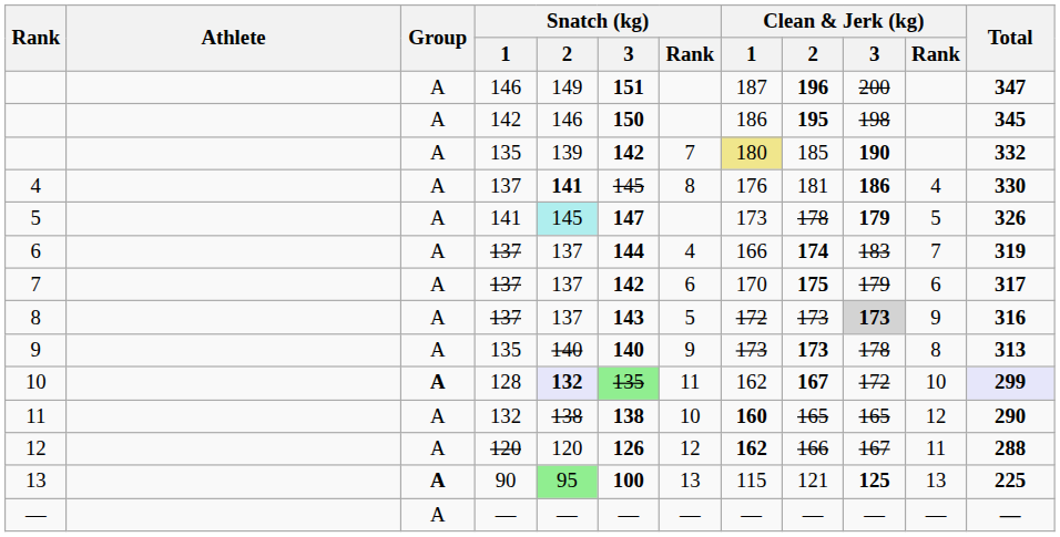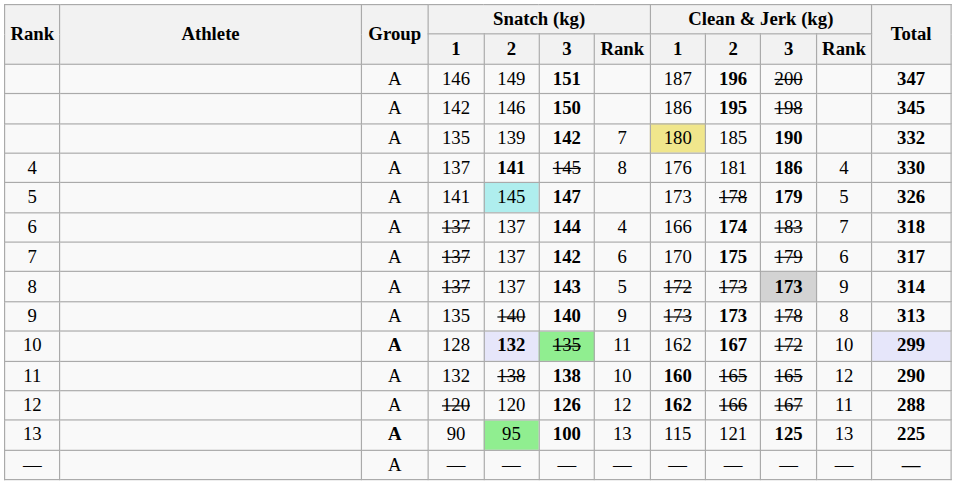 <table class = "wikitable" style="text-align:center;">
 <tr>
 <th rowspan=2 width=40>Rank</th>
 <th rowspan=2 width=250>Athlete</th>
 <th rowspan=2 width=50>Group</th>
 <th colspan=4>Snatch (kg)</th>
 <th colspan=4>Clean & Jerk (kg)</th>
 <th rowspan=2 width=60>Total</th>
 </tr>
 <tr>
 <th width=40>1</th>
 <th width=40>2</th>
 <th width=40>3</th>
 <th width=40>Rank</th>
 <th width=40>1</th>
 <th width=40>2</th>
 <th width=40>3</th>
 <th width=40>Rank</th>
 </tr>
 <tr>
 <td></td>
 <td align=left></td>
 <td>A</td>
 <td>146</td>
 <td>149</td>
 <td><strong>151</strong></td>
 <td></td>
 <td>187</td>
 <td><strong>196</strong></td>
 <td><s>200</s></td>
 <td></td>
 <td><strong>347</strong></td>
 </tr>
 <tr>
 <td></td>
 <td align=left></td>
 <td>A</td>
 <td>142</td>
 <td>146</td>
 <td><strong>150</strong></td>
 <td></td>
 <td>186</td>
 <td><strong>195</strong></td>
 <td><s>198</s></td>
 <td></td>
 <td><strong>345</strong></td>
 </tr>
 <tr>
 <td></td>
 <td align=left></td>
 <td>A</td>
 <td>135</td>
 <td>139</td>
 <td><strong>142</strong></td>
 <td>7</td>
 <td style="background: khaki;">180</td>
 <td>185</td>
 <td><strong>190</strong></td>
 <td></td>
 <td><strong>332</strong></td>
 </tr>
 <tr>
 <td>4</td>
 <td align=left></td>
 <td>A</td>
 <td>137</td>
 <td><strong>141</strong></td>
 <td><s>145</s></td>
 <td>8</td>
 <td>176</td>
 <td>181</td>
 <td><strong>186</strong></td>
 <td>4</td>
 <td><strong>330</strong></td>
 </tr>
 <tr>
 <td>5</td>
 <td align=left></td>
 <td>A</td>
 <td>141</td>
 <td style="background: paleturquoise;">145</td>
 <td><strong>147</strong></td>
 <td></td>
 <td>173</td>
 <td><s>178</s></td>
 <td><strong>179</strong></td>
 <td>5</td>
 <td><strong>326</strong></td>
 </tr>
 <tr>
 <td>6</td>
 <td align=left></td>
 <td>A</td>
 <td><s>137</s></td>
 <td>137</td>
 <td><strong>144</strong></td>
 <td>4</td>
 <td>166</td>
 <td><strong>174</strong></td>
 <td><s>183</s></td>
 <td>7</td>
-<td><strong>319</strong></td>
+<td><strong>318</strong></td>
 </tr>
 <tr>
 <td>7</td>
 <td align=left></td>
 <td>A</td>
 <td><s>137</s></td>
 <td>137</td>
 <td><strong>142</strong></td>
 <td>6</td>
 <td>170</td>
 <td><strong>175</strong></td>
 <td><s>179</s></td>
 <td>6</td>
 <td><strong>317</strong></td>
 </tr>
 <tr>
 <td>8</td>
 <td align=left></td>
 <td>A</td>
 <td><s>137</s></td>
 <td>137</td>
 <td><strong>143</strong></td>
 <td>5</td>
 <td><s>172</s></td>
 <td><s>173</s></td>
 <td style="background: lightgrey;"><strong>173</strong></td>
 <td>9</td>
-<td><strong>316</strong></td>
+<td><strong>314</strong></td>
 </tr>
 <tr>
 <td>9</td>
 <td align=left></td>
 <td>A</td>
 <td>135</td>
 <td><s>140</s></td>
 <td><strong>140</strong></td>
 <td>9</td>
 <td><s>173</s></td>
 <td><strong>173</strong></td>
 <td><s>178</s></td>
 <td>8</td>
 <td><strong>313</strong></td>
 </tr>
 <tr>
 <td>10</td>
 <td align=left></td>
 <td><strong>A</strong></td>
 <td>128</td>
 <td style="background: lavender;"><strong>132</strong></td>
 <td style="background: lightgreen;"><s>135</s></td>
 <td>11</td>
 <td>162</td>
 <td><strong>167</strong></td>
 <td><s>172</s></td>
 <td>10</td>
 <td style="background: lavender;"><strong>299</strong></td>
 </tr>
 <tr>
 <td>11</td>
 <td align=left></td>
 <td>A</td>
 <td>132</td>
 <td><s>138</s></td>
 <td><strong>138</strong></td>
 <td>10</td>
 <td><strong>160</strong></td>
 <td><s>165</s></td>
 <td><s>165</s></td>
 <td>12</td>
 <td><strong>290</strong></td>
 </tr>
 <tr>
 <td>12</td>
 <td align=left></td>
 <td>A</td>
 <td><s>120</s></td>
 <td>120</td>
 <td><strong>126</strong></td>
 <td>12</td>
 <td><strong>162</strong></td>
 <td><s>166</s></td>
 <td><s>167</s></td>
 <td>11</td>
 <td><strong>288</strong></td>
 </tr>
 <tr>
 <td>13</td>
 <td align=left></td>
 <td><strong>A</strong></td>
 <td>90</td>
 <td style="background: lightgreen;">95</td>
 <td><strong>100</strong></td>
 <td>13</td>
 <td>115</td>
 <td>121</td>
 <td><strong>125</strong></td>
 <td>13</td>
 <td><strong>225</strong></td>
 </tr>
 <tr>
 <td>—</td>
 <td align=left></td>
 <td>A</td>
 <td>—</td>
 <td>—</td>
 <td>—</td>
 <td>—</td>
 <td>—</td>
 <td>—</td>
 <td>—</td>
 <td>—</td>
 <td><strong>—</strong></td>
 </tr>
 </table>
